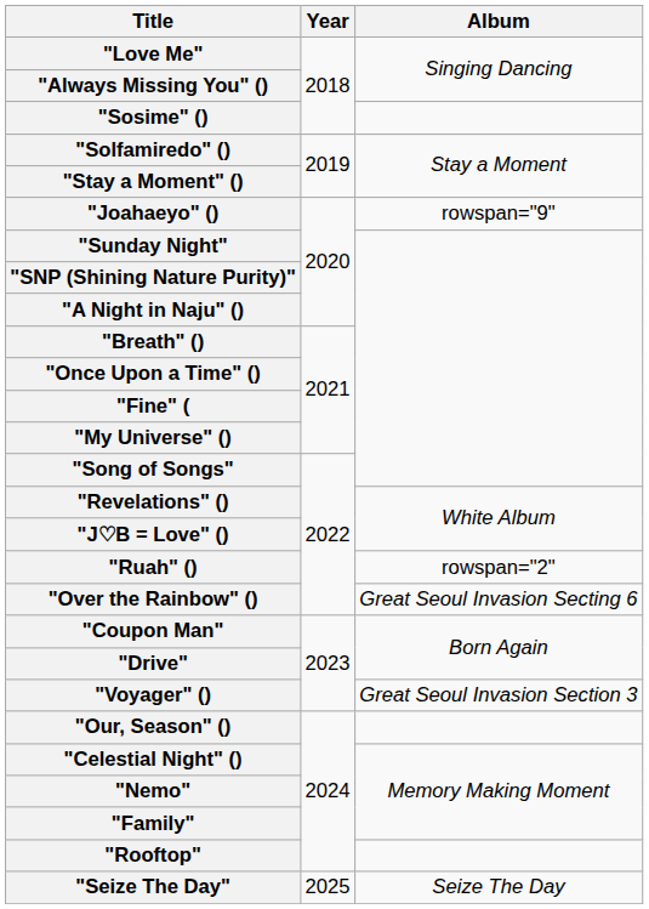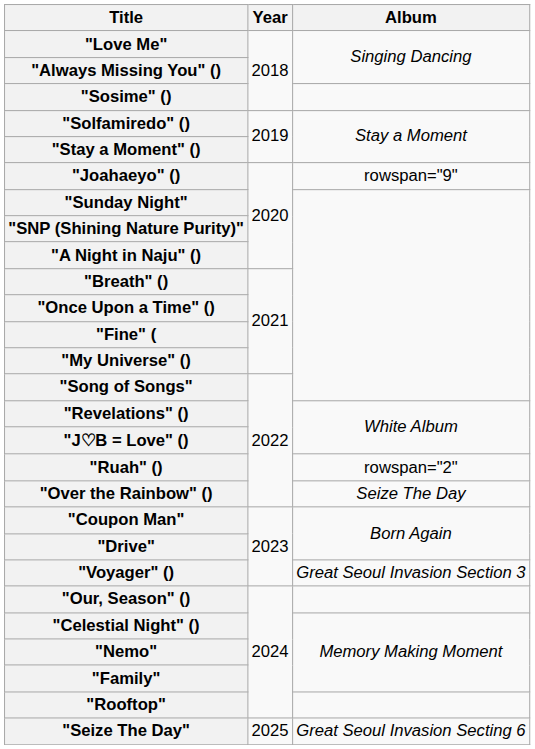 <table class="wikitable plainrowheaders" style="text-align:center">
 <tr>
 <th scope="col">Title</th>
 <th scope="col">Year</th>
 <th scope="col">Album</th>
 </tr>
 <tr>
 <th scope="row">"Love Me"</th>
 <td rowspan="3">2018</td>
 <td rowspan="2"><em>Singing Dancing</em></td>
 </tr>
 <tr>
 <th scope="row">"Always Missing You" ()</th>
 </tr>
 <tr>
 <th scope="row">"Sosime" ()</th>
 <td></td>
 </tr>
 <tr>
 <th scope="row">"Solfamiredo" ()</th>
 <td rowspan="2">2019</td>
 <td rowspan="2"><em>Stay a Moment</em></td>
 </tr>
 <tr>
 <th scope="row">"Stay a Moment" ()</th>
 </tr>
 <tr>
 <th scope="row">"Joahaeyo" ()</th>
 <td rowspan="4">2020</td>
 <td>rowspan="9" </td>
 </tr>
 <tr>
 <th scope="row">"Sunday Night"</th>
 </tr>
 <tr>
 <th scope="row">"SNP (Shining Nature Purity)"</th>
 </tr>
 <tr>
 <th scope="row">"A Night in Naju" ()</th>
 </tr>
 <tr>
 <th scope="row">"Breath" ()</th>
 <td rowspan="4">2021</td>
 </tr>
 <tr>
 <th scope="row">"Once Upon a Time" ()</th>
 </tr>
 <tr>
 <th scope="row">"Fine" (</th>
 </tr>
 <tr>
 <th scope="row">"My Universe" ()</th>
 </tr>
 <tr>
 <th scope="row">"Song of Songs"</th>
 <td rowspan="5">2022</td>
 </tr>
 <tr>
 <th scope="row">"Revelations" ()</th>
 <td rowspan="2"><em>White Album</em></td>
 </tr>
 <tr>
 <th scope="row">"J♡B = Love" ()</th>
 </tr>
 <tr>
 <th scope="row">"Ruah" ()</th>
 <td>rowspan="2" </td>
 </tr>
 <tr>
 <th scope="row">"Over the Rainbow" ()<br></th>
-<td><em>Great Seoul Invasion Secting 6</em></td>
+<td><em>Seize The Day</em></td>
 </tr>
 <tr>
 <th scope="row">"Coupon Man"</th>
 <td rowspan="3">2023</td>
 <td rowspan="2"><em>Born Again</em></td>
 </tr>
 <tr>
 <th scope="row">"Drive"</th>
 </tr>
 <tr>
 <th scope="row">"Voyager" ()</th>
 <td><em>Great Seoul Invasion Section 3</em></td>
 </tr>
 <tr>
 <th scope="row">"Our, Season" ()</th>
 <td rowspan="5">2024</td>
 </tr>
 <tr>
 <th scope="row">"Celestial Night" ()</th>
 <td rowspan="3"><em>Memory Making Moment</em></td>
 </tr>
 <tr>
 <th scope="row">"Nemo"</th>
 </tr>
 <tr>
 <th scope="row">"Family"</th>
 </tr>
 <tr>
 <th scope="row">"Rooftop"</th>
 <td></td>
 </tr>
 <tr>
 <th scope="row">"Seize The Day"</th>
 <td>2025</td>
-<td><em>Seize The Day</em></td>
+<td><em>Great Seoul Invasion Secting 6</em></td>
 </tr>
 <tr>
 </tr>
 </table>
